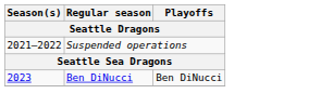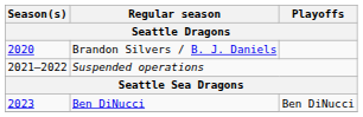 <table class="wikitable">
 <tr>
 <th>Season(s)</th>
 <th>Regular season</th>
 <th>Playoffs</th>
 </tr>
 <tr>
 <th colspan="3">Seattle Dragons</th>
+</tr>
+<tr>
+<td><a href='#'>2020</a></td>
+<td>Brandon Silvers  / <a href='#'>B. J. Daniels</a> </td>
+<td></td>
 </tr>
 <tr>
 <td>2021–2022</td>
 <td colspan="2"><em>Suspended operations</em></td>
 </tr>
 <tr>
 <th colspan="3">Seattle Sea Dragons</th>
 </tr>
 <tr>
 <td><a href='#'>2023</a></td>
 <td><a href='#'>Ben DiNucci</a> </td>
 <td>Ben DiNucci </td>
 </tr>
 <tr>
 </tr>
 </table>
